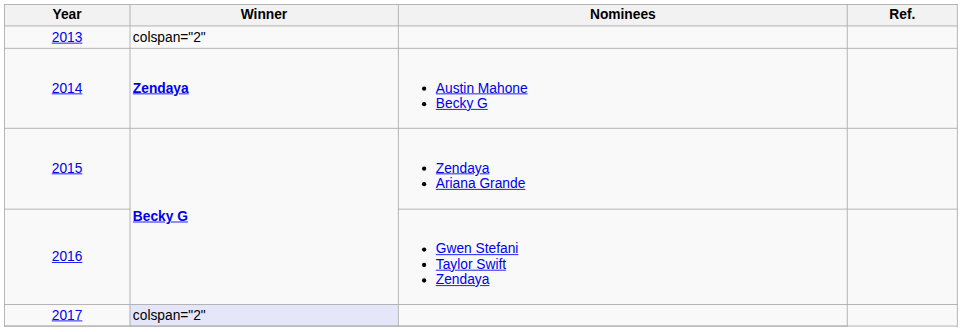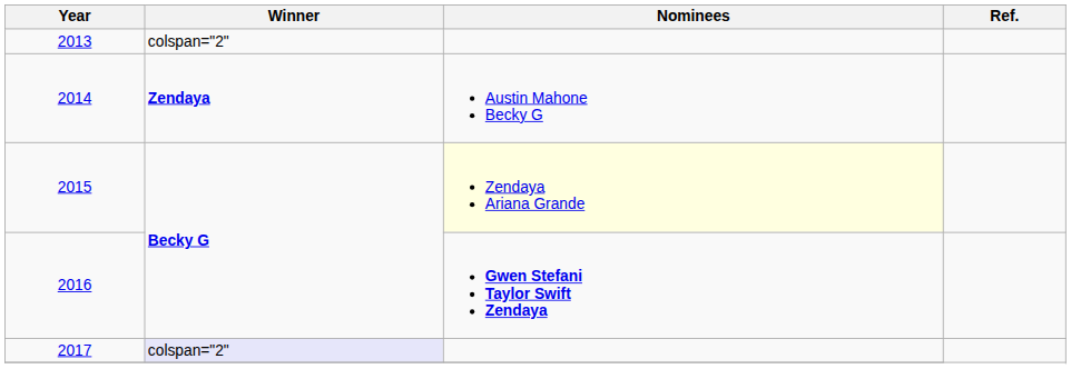 <table class="wikitable" width=70%>
 <tr>
 <th>Year</th>
 <th>Winner</th>
 <th>Nominees</th>
 <th>Ref.</th>
 </tr>
 <tr>
 <td align="center"><a href='#'>2013</a></td>
 <td>colspan="2" </td>
 <td align="center"></td>
 </tr>
 <tr>
 <td align="center"><a href='#'>2014</a></td>
 <td><strong><a href='#'>Zendaya</a></strong></td>
 <td><br><ul><li><a href='#'>Austin Mahone</a></li><li><a href='#'>Becky G</a></li></ul></td>
 <td align="center"></td>
 </tr>
 <tr>
 <td align="center"><a href='#'>2015</a></td>
 <td rowspan="2"><strong><a href='#'>Becky G</a></strong></td>
-<td><br><ul><li><a href='#'>Zendaya</a></li><li><a href='#'>Ariana Grande</a></li></ul></td>
+<td style="background: lightyellow;"><br><ul><li><a href='#'>Zendaya</a></li><li><a href='#'>Ariana Grande</a></li></ul></td>
 <td align="center"></td>
 </tr>
 <tr>
 <td align="center"><a href='#'>2016</a></td>
-<td><br><ul><li><a href='#'>Gwen Stefani</a></li><li><a href='#'>Taylor Swift</a></li><li><a href='#'>Zendaya</a></li></ul></td>
+<td><strong><br><ul><li><a href='#'>Gwen Stefani</a></li><li><a href='#'>Taylor Swift</a></li><li><a href='#'>Zendaya</a></li></ul></strong></td>
 <td align="center"></td>
 </tr>
 <tr>
 <td align="center"><a href='#'>2017</a></td>
 <td style="background: lavender;">colspan="2" </td>
 <td></td>
 </tr>
 <tr>
 </tr>
 </table>
